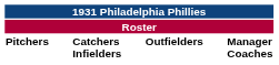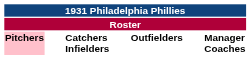 <table class="toccolours" style="font-size: 95%;">
 <tr>
 <th colspan="10" style="background-color: #0f437c; color: white; text-align: center;">1931 Philadelphia Phillies</th>
 </tr>
 <tr>
 <td colspan="10" style="background-color: #af0039; color: white; text-align: center;"><strong>Roster</strong></td>
 </tr>
 <tr>
-<td valign="top"><strong>Pitchers</strong><br>               </td>
+<td valign="top" style="background: pink;"><strong>Pitchers</strong><br>               </td>
 <td width="25px"></td>
 <td valign="top"><strong>Catchers</strong><br>    <strong>Infielders</strong>       </td>
 <td width="25px"></td>
 <td valign="top"><strong>Outfielders</strong><br>     </td>
 <td width="25px"></td>
 <td valign="top"><strong>Manager</strong><br> <strong>Coaches</strong>  </td>
 </tr>
 </table>
